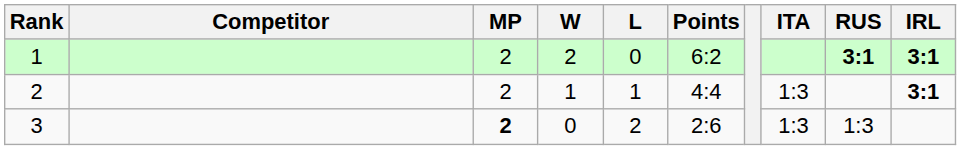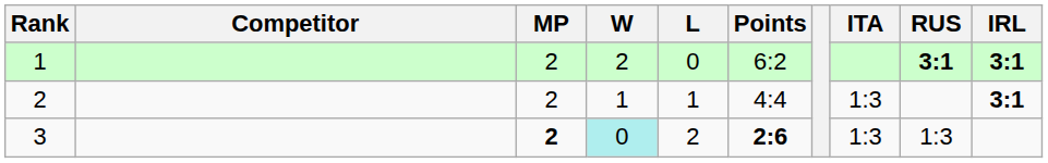 <table class="wikitable" style="text-align:center">
 <tr>
 <th>Rank</th>
 <th style="width:18em">Competitor</th>
 <th style="width:2.5em">MP</th>
 <th style="width:2.5em">W</th>
 <th style="width:2.5em">L</th>
 <th>Points</th>
 <th rowspan="4"> </th>
 <th style="width:2.5em">ITA</th>
 <th style="width:2.5em">RUS</th>
 <th style="width:2.5em">IRL</th>
 </tr>
 <tr style="background:#cfc;">
 <td>1</td>
 <td style="text-align:left"></td>
 <td>2</td>
 <td>2</td>
 <td>0</td>
 <td>6:2</td>
 <td></td>
 <td><strong>3:1</strong></td>
 <td><strong>3:1</strong></td>
 </tr>
 <tr>
 <td>2</td>
 <td style="text-align:left"></td>
 <td>2</td>
 <td>1</td>
 <td>1</td>
 <td>4:4</td>
 <td>1:3</td>
 <td></td>
 <td><strong>3:1</strong></td>
 </tr>
 <tr>
 <td>3</td>
 <td style="text-align:left"></td>
 <td><strong>2</strong></td>
-<td>0</td>
+<td style="background: paleturquoise;">0</td>
 <td>2</td>
-<td>2:6</td>
+<td><strong>2:6</strong></td>
 <td>1:3</td>
 <td>1:3</td>
 <td></td>
 </tr>
 </table>
